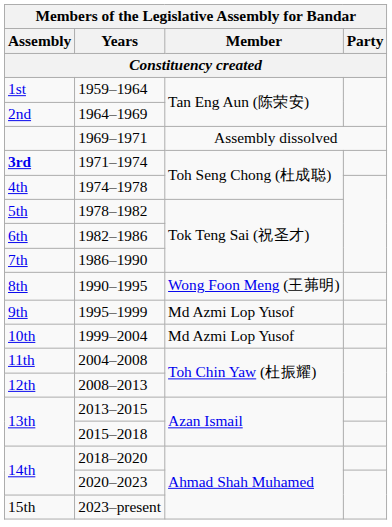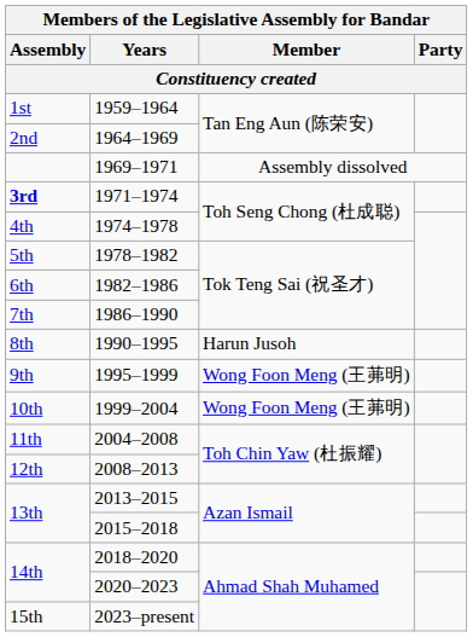 <table class="wikitable">
 <tr>
 <th colspan="4">Members of the Legislative Assembly for Bandar</th>
 </tr>
 <tr>
 <th>Assembly</th>
 <th>Years</th>
 <th>Member</th>
 <th>Party</th>
 </tr>
 <tr>
 <th colspan="4" align="center"><em>Constituency created</em></th>
 </tr>
 <tr>
 <td><a href='#'>1st</a></td>
 <td>1959–1964</td>
 <td rowspan="2">Tan Eng Aun (陈荣安)</td>
 <td rowspan="2"></td>
 </tr>
 <tr>
 <td><a href='#'>2nd</a></td>
 <td>1964–1969</td>
 </tr>
 <tr>
 <td></td>
 <td>1969–1971</td>
 <td colspan="2" align="center">Assembly dissolved</td>
 </tr>
 <tr>
 <td><strong><a href='#'>3rd</a></strong></td>
 <td>1971–1974</td>
 <td rowspan="2">Toh Seng Chong (杜成聪)</td>
 <td></td>
 </tr>
 <tr>
 <td><a href='#'>4th</a></td>
 <td>1974–1978</td>
 <td rowspan="4"></td>
 </tr>
 <tr>
 <td><a href='#'>5th</a></td>
 <td>1978–1982</td>
 <td rowspan="3">Tok Teng Sai (祝圣才)</td>
 </tr>
 <tr>
 <td><a href='#'>6th</a></td>
 <td>1982–1986</td>
 </tr>
 <tr>
 <td><a href='#'>7th</a></td>
 <td>1986–1990</td>
 </tr>
 <tr>
 <td><a href='#'>8th</a></td>
 <td>1990–1995</td>
-<td><a href='#'>Wong Foon Meng</a> (王茀明)</td>
+<td>Harun Jusoh</td>
 <td></td>
 </tr>
 <tr>
 <td><a href='#'>9th</a></td>
 <td>1995–1999</td>
-<td>Md Azmi Lop Yusof</td>
+<td><a href='#'>Wong Foon Meng</a> (王茀明)</td>
 <td></td>
 </tr>
 <tr>
 <td><a href='#'>10th</a></td>
 <td>1999–2004</td>
-<td>Md Azmi Lop Yusof</td>
+<td><a href='#'>Wong Foon Meng</a> (王茀明)</td>
 <td></td>
 </tr>
 <tr>
 <td><a href='#'>11th</a></td>
 <td>2004–2008</td>
 <td rowspan="2"><a href='#'>Toh Chin Yaw</a> (杜振耀)</td>
 <td rowspan="2"></td>
 </tr>
 <tr>
 <td><a href='#'>12th</a></td>
 <td>2008–2013</td>
 </tr>
 <tr>
 <td rowspan=2><a href='#'>13th</a></td>
 <td>2013–2015</td>
 <td rowspan=2><a href='#'>Azan Ismail</a></td>
 <td></td>
 </tr>
 <tr>
 <td>2015–2018</td>
 <td></td>
 </tr>
 <tr>
 <td rowspan="2"><a href='#'>14th</a></td>
 <td>2018–2020</td>
 <td rowspan="3"><a href='#'>Ahmad Shah Muhamed</a></td>
 <td></td>
 </tr>
 <tr>
 <td>2020–2023</td>
 <td rowspan="2"></td>
 </tr>
 <tr>
 <td>15th</td>
 <td>2023–present</td>
 </tr>
 </table>
